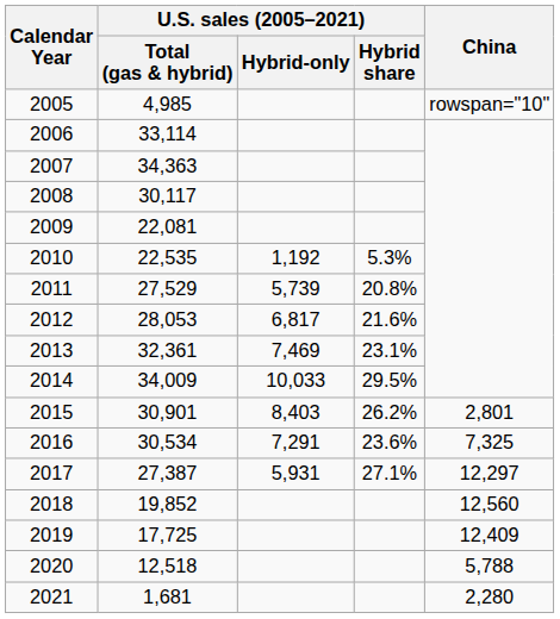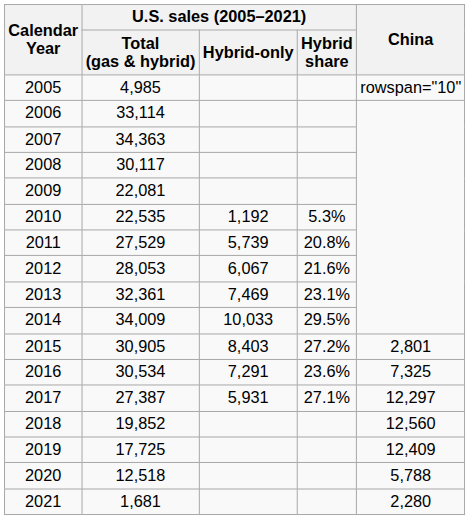 <table class="wikitable">
 <tr>
 <th rowspan="2">Calendar<br> Year</th>
 <th colspan="3">U.S. sales (2005–2021)</th>
 <th rowspan="2">China</th>
 </tr>
 <tr>
 <th>Total<br>(gas & hybrid)</th>
 <th>Hybrid-only</th>
 <th>Hybrid<br>share</th>
 </tr>
 <tr align=center>
 <td>2005</td>
 <td>4,985</td>
 <td></td>
 <td></td>
 <td>rowspan="10" </td>
 </tr>
 <tr align=center>
 <td>2006</td>
 <td>33,114</td>
 <td></td>
 <td></td>
 </tr>
 <tr align=center>
 <td>2007</td>
 <td>34,363</td>
 <td></td>
 <td></td>
 </tr>
 <tr align=center>
 <td>2008</td>
 <td>30,117</td>
 <td></td>
 <td></td>
 </tr>
 <tr align=center>
 <td>2009</td>
 <td>22,081</td>
 <td></td>
 <td></td>
 </tr>
 <tr align=center>
 <td>2010</td>
 <td>22,535</td>
 <td>1,192</td>
 <td>5.3%</td>
 </tr>
 <tr align=center>
 <td>2011</td>
 <td>27,529</td>
 <td>5,739</td>
 <td>20.8%</td>
 </tr>
 <tr align=center>
 <td>2012</td>
 <td>28,053</td>
-<td>6,817</td>
+<td>6,067</td>
 <td>21.6%</td>
 </tr>
 <tr align=center>
 <td>2013</td>
 <td>32,361</td>
 <td>7,469</td>
 <td>23.1%</td>
 </tr>
 <tr align=center>
 <td>2014</td>
 <td>34,009</td>
 <td>10,033</td>
 <td>29.5%</td>
 </tr>
 <tr align=center>
 <td>2015</td>
-<td>30,901</td>
+<td>30,905</td>
 <td>8,403</td>
-<td>26.2%</td>
+<td>27.2%</td>
 <td>2,801</td>
 </tr>
 <tr align=center>
 <td>2016</td>
 <td>30,534</td>
 <td>7,291</td>
 <td>23.6%</td>
 <td>7,325</td>
 </tr>
 <tr align=center>
 <td>2017</td>
 <td>27,387</td>
 <td>5,931</td>
 <td>27.1%</td>
 <td>12,297</td>
 </tr>
 <tr align=center>
 <td>2018</td>
 <td>19,852</td>
 <td></td>
 <td></td>
 <td>12,560</td>
 </tr>
 <tr align=center>
 <td>2019</td>
 <td>17,725</td>
 <td></td>
 <td></td>
 <td>12,409</td>
 </tr>
 <tr align=center>
 <td>2020</td>
 <td>12,518</td>
 <td></td>
 <td></td>
 <td>5,788</td>
 </tr>
 <tr align=center>
 <td>2021</td>
 <td>1,681</td>
 <td></td>
 <td></td>
 <td>2,280</td>
 </tr>
 </table>
